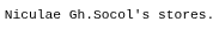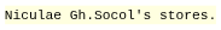 <table align="center" cellpadding=0px cellspacing=8px>
 <tr>
 <td></td>
 <td></td>
 </tr>
 <tr>
-<td><small>Niculae Gh.Socol's stores.</small></td>
+<td style="background: lightyellow;"><small>Niculae Gh.Socol's stores.</small></td>
 </tr>
 </table>
